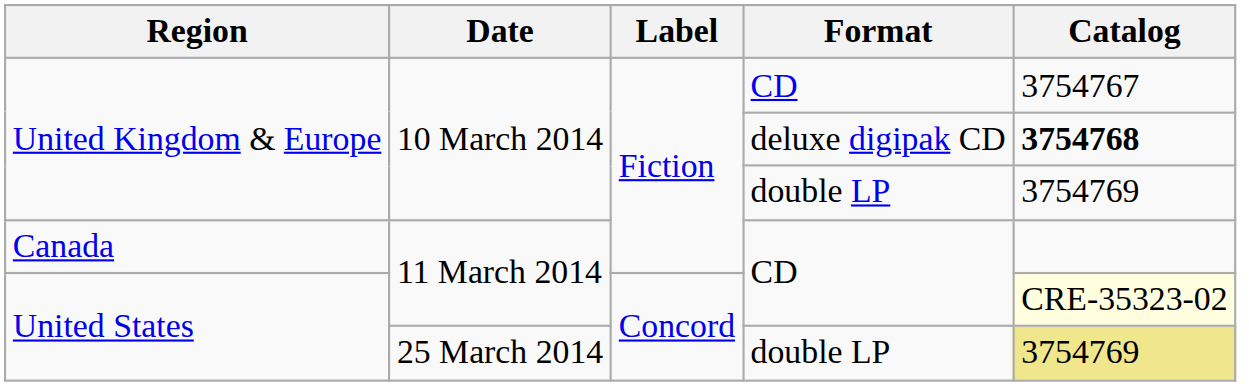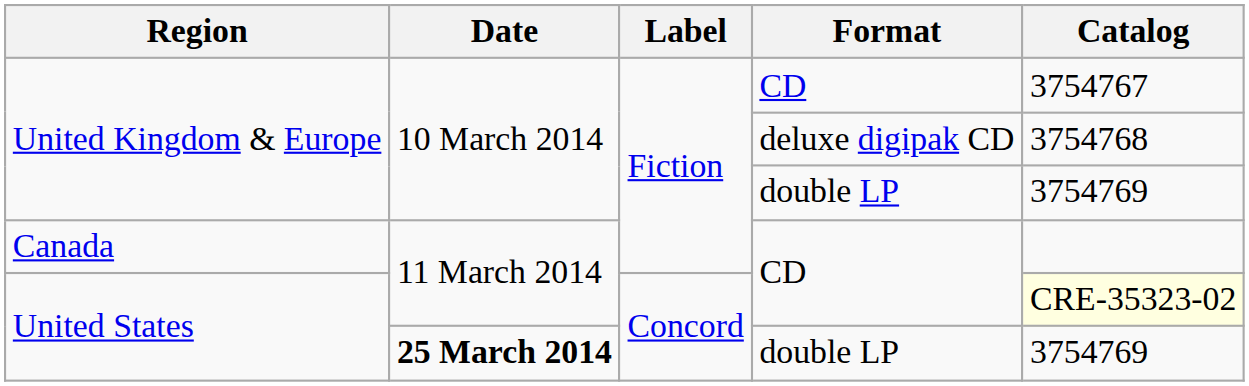 <table class="wikitable">
 <tr>
 <th>Region</th>
 <th>Date</th>
 <th>Label</th>
 <th>Format</th>
 <th>Catalog</th>
 </tr>
 <tr>
 <td rowspan="3"><a href='#'>United Kingdom</a> & <a href='#'>Europe</a></td>
 <td rowspan="3">10 March 2014</td>
 <td rowspan="4"><a href='#'>Fiction</a></td>
 <td><a href='#'>CD</a></td>
 <td>3754767</td>
 </tr>
 <tr>
 <td>deluxe <a href='#'>digipak</a> CD</td>
-<td><strong>3754768</strong></td>
+<td>3754768</td>
 </tr>
 <tr>
 <td>double <a href='#'>LP</a></td>
 <td>3754769</td>
 </tr>
 <tr>
 <td><a href='#'>Canada</a></td>
 <td rowspan="2">11 March 2014</td>
 <td rowspan="2">CD</td>
 <td></td>
 </tr>
 <tr>
 <td rowspan="2"><a href='#'>United States</a></td>
 <td rowspan="2"><a href='#'>Concord</a></td>
 <td style="background: lightyellow;">CRE-35323-02</td>
 </tr>
 <tr>
-<td>25 March 2014</td>
+<td><strong>25 March 2014</strong></td>
 <td>double LP</td>
-<td style="background: khaki;">3754769</td>
+<td>3754769</td>
 </tr>
 </table>
